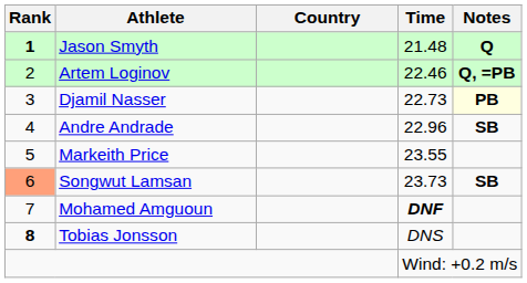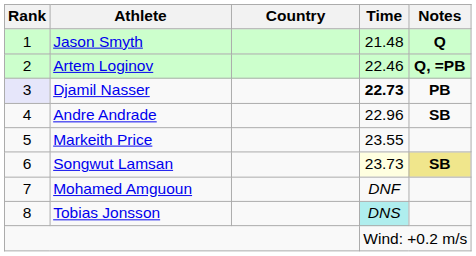 <table class="wikitable sortable" style="text-align:center">
 <tr>
 <th>Rank</th>
 <th style="width:180px">Athlete</th>
 <th style="width:125px">Country</th>
 <th>Time</th>
 <th>Notes</th>
 </tr>
 <tr style="background:#cfc;">
-<td><strong>1</strong></td>
+<td>1</td>
 <td style="text-align:left;"><a href='#'>Jason Smyth</a></td>
 <td style="text-align:left;"></td>
 <td>21.48</td>
 <td><strong>Q</strong></td>
 </tr>
 <tr style="background:#cfc;">
 <td>2</td>
 <td style="text-align:left;"><a href='#'>Artem Loginov</a></td>
 <td style="text-align:left;"></td>
 <td>22.46</td>
 <td><strong>Q, =PB</strong></td>
 </tr>
 <tr>
-<td>3</td>
+<td style="background: lavender;">3</td>
 <td style="text-align:left;"><a href='#'>Djamil Nasser</a></td>
 <td style="text-align:left;"></td>
-<td>22.73</td>
-<td style="background: lightyellow;"><strong>PB</strong></td>
+<td><strong>22.73</strong></td>
+<td><strong>PB</strong></td>
 </tr>
 <tr>
 <td>4</td>
 <td style="text-align:left;"><a href='#'>Andre Andrade</a></td>
 <td style="text-align:left;"></td>
 <td>22.96</td>
 <td><strong>SB</strong></td>
 </tr>
 <tr>
 <td>5</td>
 <td style="text-align:left;"><a href='#'>Markeith Price</a></td>
 <td style="text-align:left;"></td>
 <td>23.55</td>
 <td></td>
 </tr>
 <tr>
-<td style="background: lightsalmon;">6</td>
+<td>6</td>
 <td style="text-align:left;"><a href='#'>Songwut Lamsan</a></td>
 <td style="text-align:left;"></td>
-<td>23.73</td>
-<td><strong>SB</strong></td>
+<td style="background: lightyellow;">23.73</td>
+<td style="background: khaki;"><strong>SB</strong></td>
 </tr>
 <tr>
 <td>7</td>
 <td style="text-align:left;"><a href='#'>Mohamed Amguoun</a></td>
 <td style="text-align:left;"></td>
-<td><strong><em>DNF</em></strong></td>
+<td><em>DNF</em></td>
 <td></td>
 </tr>
 <tr>
-<td><strong>8</strong></td>
+<td>8</td>
 <td style="text-align:left;"><a href='#'>Tobias Jonsson</a></td>
 <td style="text-align:left;"></td>
-<td><em>DNS</em></td>
+<td style="background: paleturquoise;"><em>DNS</em></td>
 <td></td>
 </tr>
 <tr class="sortbottom">
 <td colspan="3"></td>
 <td colspan="2">Wind: +0.2 m/s</td>
 </tr>
 </table>
